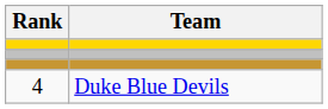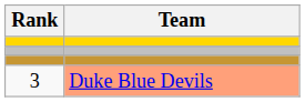 <table class="wikitable" style="text-align:center;">
 <tr>
 <th width=40>Rank</th>
 <th width=180>Team</th>
 </tr>
 <tr bgcolor="gold">
 <td></td>
 <td style="text-align:left;"></td>
 </tr>
 <tr bgcolor="silver">
 <td></td>
 <td style="text-align:left;"></td>
 </tr>
 <tr bgcolor="#C69633">
 <td></td>
 <td style="text-align:left;"></td>
 </tr>
 <tr>
-<td>4</td>
-<td style="text-align:left;"> <a href='#'>Duke Blue Devils</a></td>
+<td>3</td>
+<td style="background: lightsalmon; text-align:left;"> <a href='#'>Duke Blue Devils</a></td>
 </tr>
 </table>
